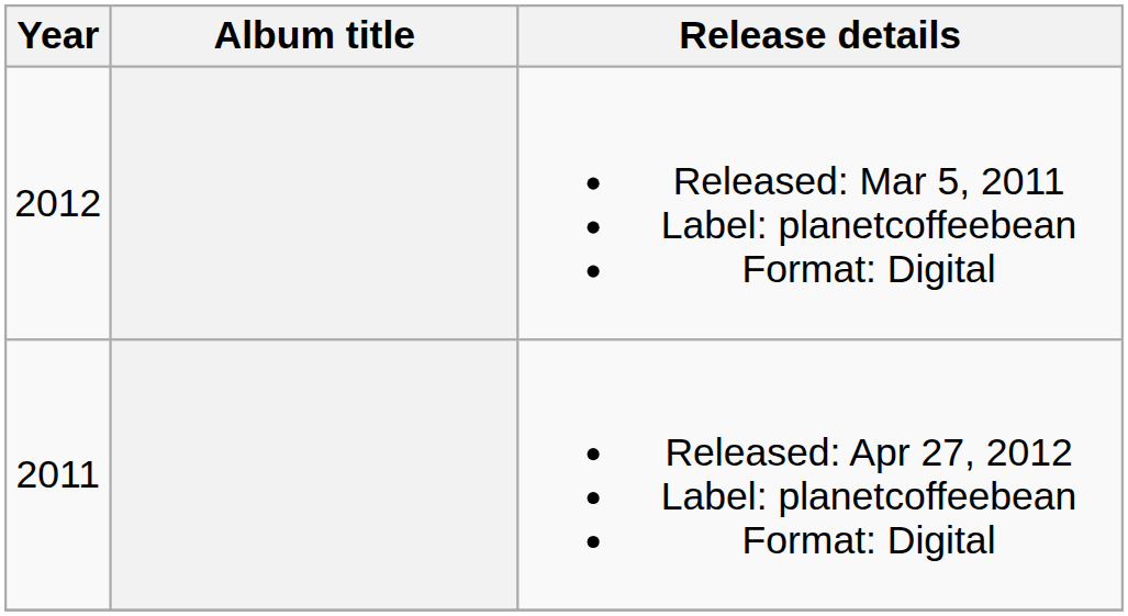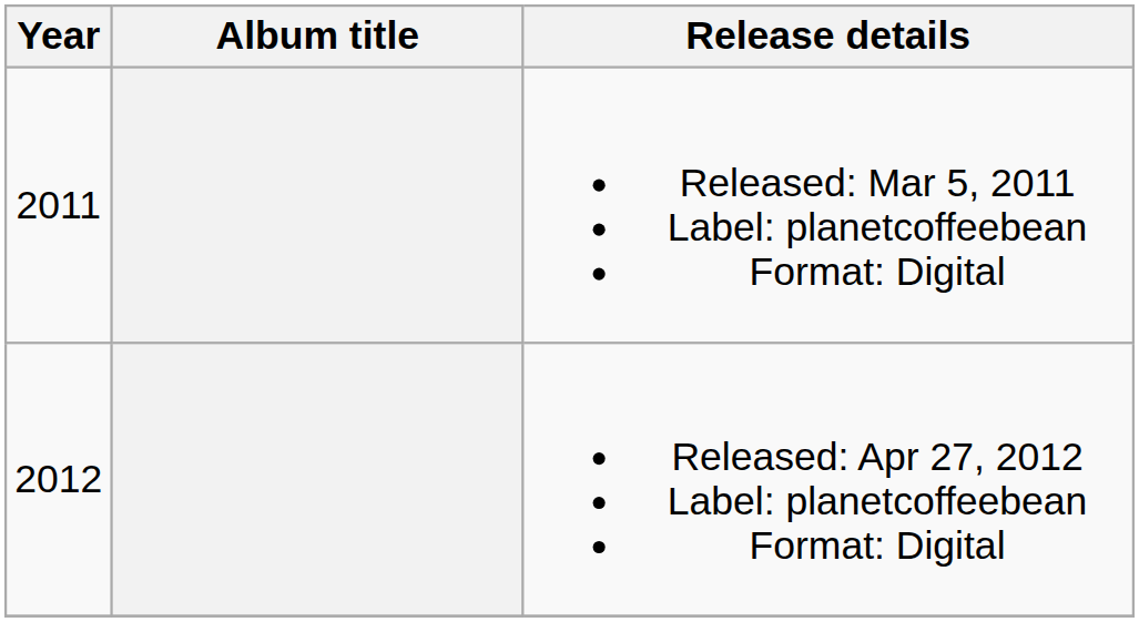 <table class="wikitable plainrowheaders" style="text-align:center;">
 <tr>
 <th>Year</th>
 <th scope="col" rowspan="1" style="width:10em;">Album title</th>
 <th scope="col" rowspan="1" style="width:15em;">Release details</th>
 </tr>
 <tr>
-<td>2012</td>
+<td>2011</td>
 <th></th>
 <td><br><ul><li>Released: Mar 5, 2011</li><li>Label: planetcoffeebean</li><li>Format: Digital</li></ul></td>
 </tr>
 <tr>
-<td>2011</td>
+<td>2012</td>
 <th></th>
 <td><br><ul><li>Released: Apr 27, 2012</li><li>Label: planetcoffeebean</li><li>Format: Digital</li></ul></td>
 </tr>
 <tr>
 </tr>
 </table>
